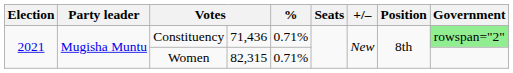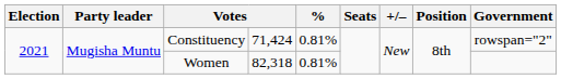 <table class="wikitable" style="text-align:center">
 <tr>
 <th><strong>Election</strong></th>
 <th>Party leader</th>
 <th colspan="2"><strong>Votes</strong></th>
 <th><strong>%</strong></th>
 <th><strong>Seats</strong></th>
 <th><strong>+/–</strong></th>
 <th>Position</th>
 <th>Government</th>
 </tr>
 <tr>
 <td rowspan="2"><a href='#'>2021</a></td>
 <td rowspan="2"><a href='#'>Mugisha Muntu</a></td>
 <td>Constituency</td>
-<td>71,436</td>
-<td>0.71%</td>
+<td>71,424</td>
+<td>0.81%</td>
 <td rowspan="2"></td>
 <td rowspan="2"><em>New</em></td>
 <td rowspan="2"> 8th</td>
-<td style="background: lightgreen;">rowspan="2" </td>
+<td>rowspan="2" </td>
 </tr>
 <tr>
 <td>Women</td>
-<td>82,315</td>
-<td>0.71%</td>
+<td>82,318</td>
+<td>0.81%</td>
 </tr>
 </table>
